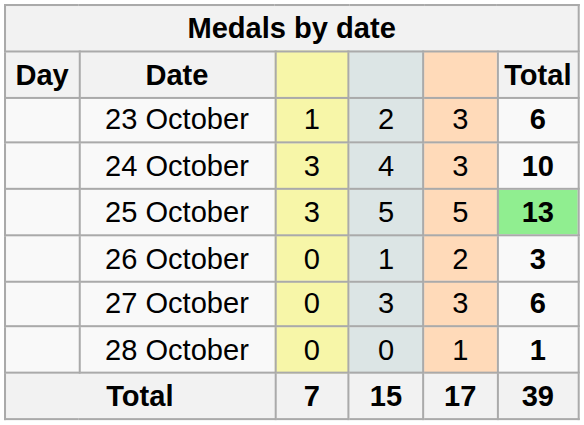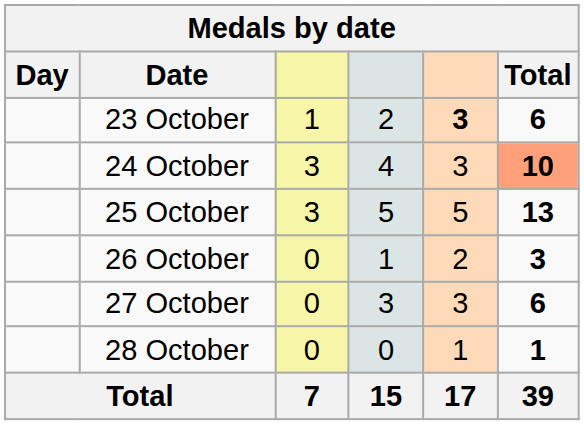 <table class="wikitable" style="font-size:90%; text-align:center">
 <tr>
 <th colspan="6">Medals by date</th>
 </tr>
 <tr>
 <th width="30">Day</th>
 <th width="90">Date</th>
 <th width="30" style="background:#F7F6A8"></th>
 <th width="30" style="background:#DCE5E5"></th>
 <th width="30" style="background:#FFDAB9"></th>
 <th width="30">Total</th>
 </tr>
 <tr>
 <td></td>
 <td>23 October</td>
 <td style="background:#F7F6A8">1</td>
 <td style="background:#DCE5E5">2</td>
-<td style="background:#FFDAB9">3</td>
+<td style="background:#FFDAB9"><strong>3</strong></td>
 <td><strong>6</strong></td>
 </tr>
 <tr>
 <td></td>
 <td>24 October</td>
 <td style="background:#F7F6A8">3</td>
 <td style="background:#DCE5E5">4</td>
 <td style="background:#FFDAB9">3</td>
-<td><strong>10</strong></td>
+<td style="background: lightsalmon;"><strong>10</strong></td>
 </tr>
 <tr>
 <td></td>
 <td>25 October</td>
 <td style="background:#F7F6A8">3</td>
 <td style="background:#DCE5E5">5</td>
 <td style="background:#FFDAB9">5</td>
-<td style="background: lightgreen;"><strong>13</strong></td>
+<td><strong>13</strong></td>
 </tr>
 <tr>
 <td></td>
 <td>26 October</td>
 <td style="background:#F7F6A8">0</td>
 <td style="background:#DCE5E5">1</td>
 <td style="background:#FFDAB9">2</td>
 <td><strong>3</strong></td>
 </tr>
 <tr>
 <td></td>
 <td>27 October</td>
 <td style="background:#F7F6A8">0</td>
 <td style="background:#DCE5E5">3</td>
 <td style="background:#FFDAB9">3</td>
 <td><strong>6</strong></td>
 </tr>
 <tr>
 <td></td>
 <td>28 October</td>
 <td style="background:#F7F6A8">0</td>
 <td style="background:#DCE5E5">0</td>
 <td style="background:#FFDAB9">1</td>
 <td><strong>1</strong></td>
 </tr>
 <tr>
 <th colspan="2">Total</th>
 <th>7</th>
 <th>15</th>
 <th>17</th>
 <th>39</th>
 </tr>
 </table>
